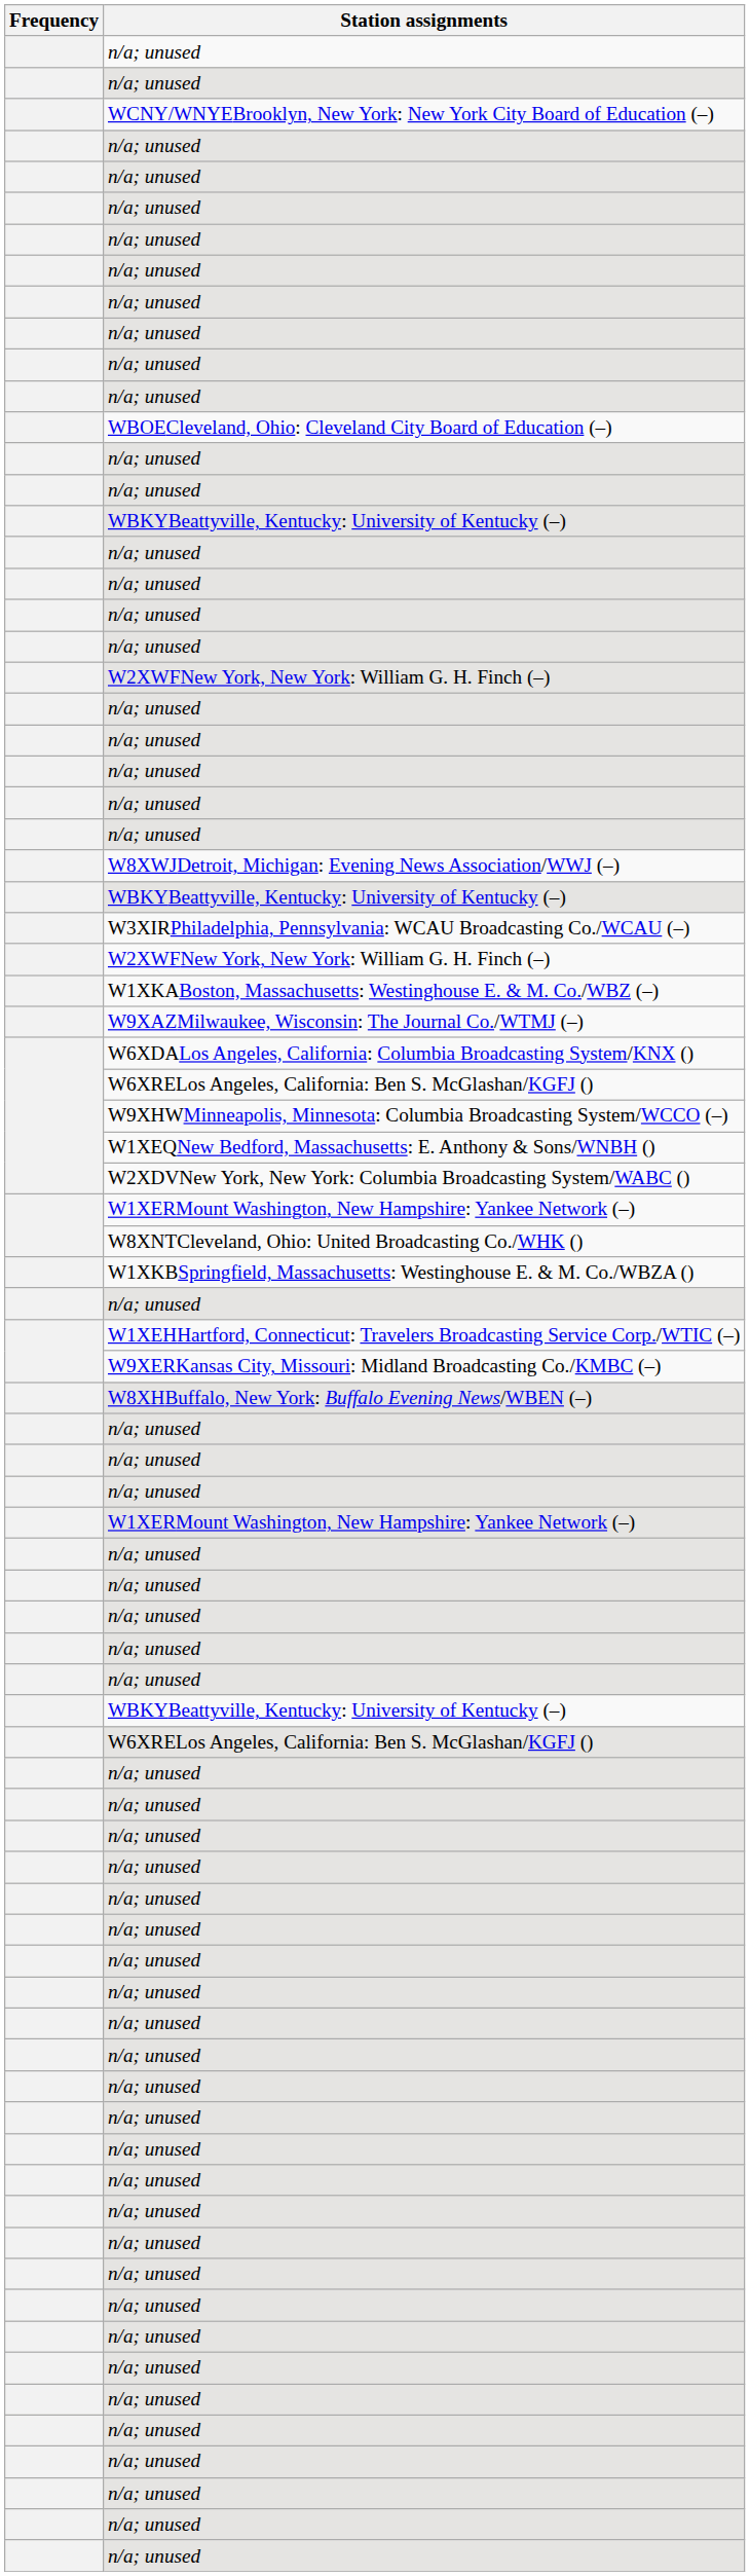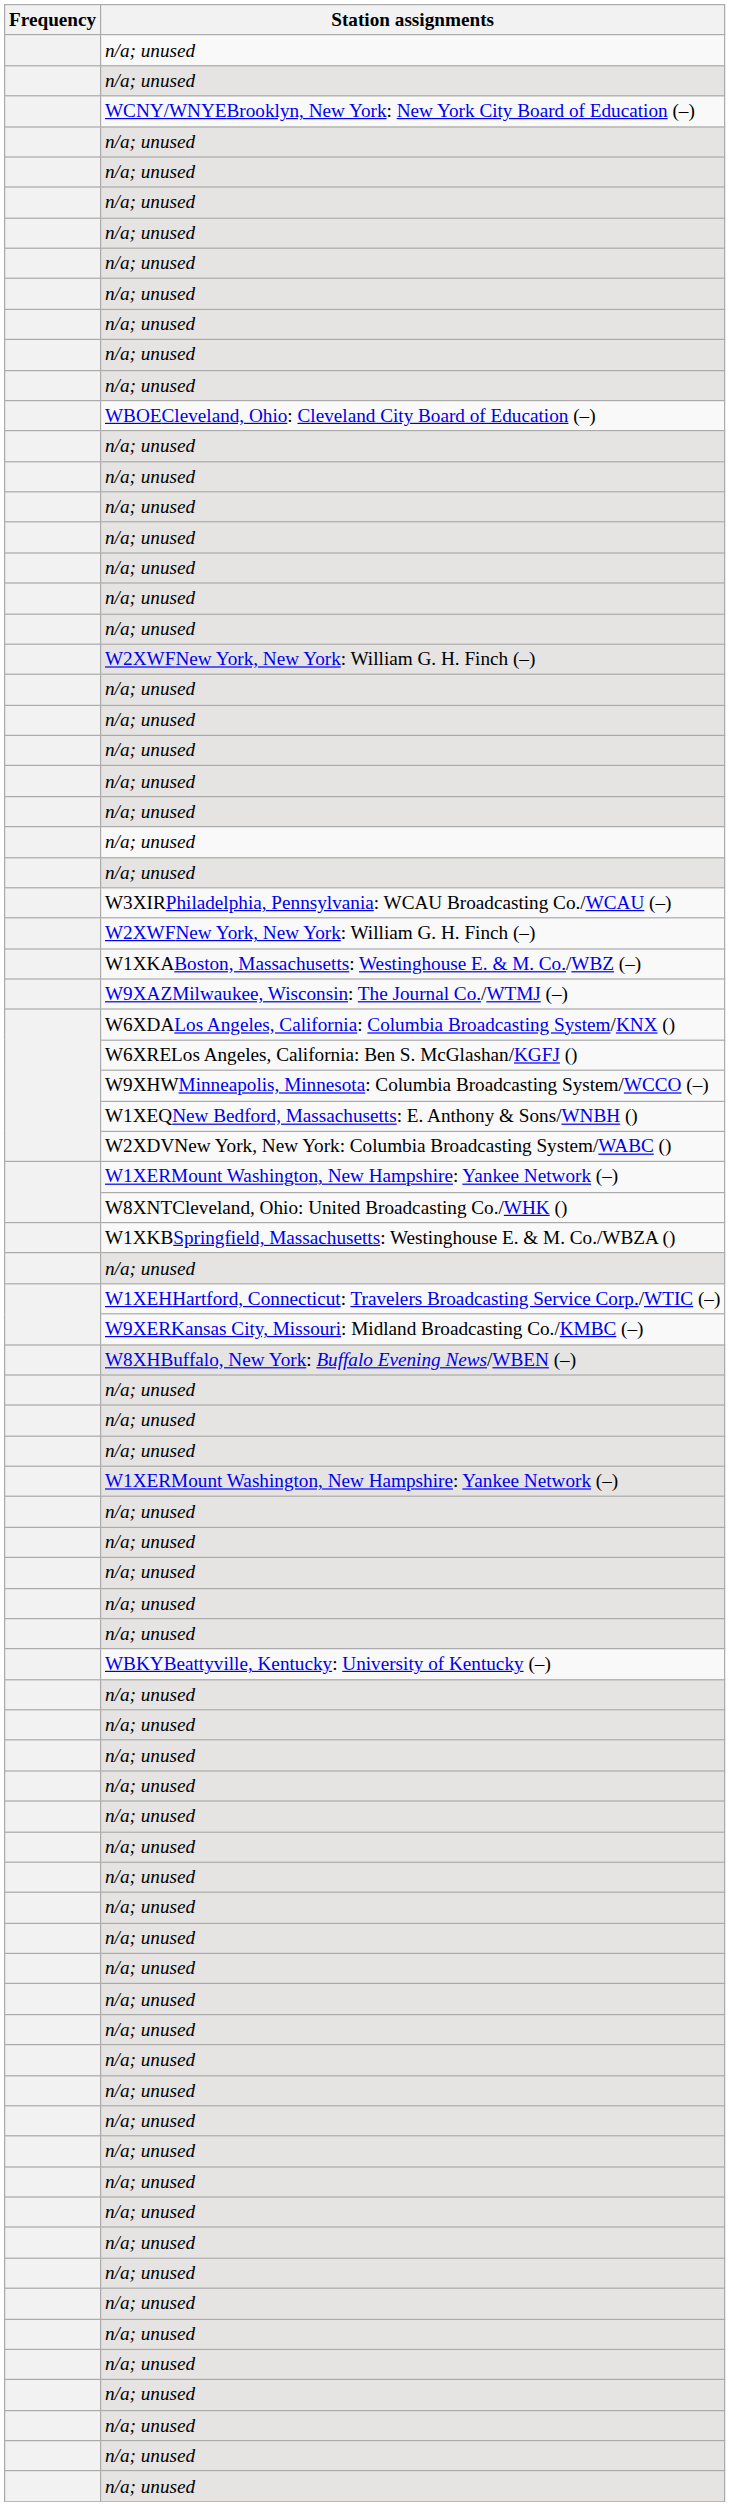 <table class="wikitable mw-collapsible sortable">
 <tr>
 <th>Frequency</th>
 <th>Station assignments</th>
 </tr>
 <tr>
 <th></th>
 <td><em>n/a; unused</em></td>
 </tr>
 <tr style="background:#E5E4E2">
 <th></th>
 <td><em>n/a; unused</em></td>
 </tr>
 <tr>
 <th></th>
 <td><a href='#'>WCNY/WNYE</a><a href='#'>Brooklyn, New York</a>: <a href='#'>New York City Board of Education</a> (–)</td>
 </tr>
 <tr style="background:#E5E4E2">
 <th></th>
 <td><em>n/a; unused</em></td>
 </tr>
 <tr style="background:#E5E4E2">
 <th></th>
 <td><em>n/a; unused</em></td>
 </tr>
 <tr style="background:#E5E4E2">
 <th></th>
 <td><em>n/a; unused</em></td>
 </tr>
 <tr style="background:#E5E4E2">
 <th></th>
 <td><em>n/a; unused</em></td>
 </tr>
 <tr style="background:#E5E4E2">
 <th></th>
 <td><em>n/a; unused</em></td>
 </tr>
 <tr style="background:#E5E4E2">
 <th></th>
 <td><em>n/a; unused</em></td>
 </tr>
 <tr style="background:#E5E4E2">
 <th></th>
 <td><em>n/a; unused</em></td>
 </tr>
 <tr style="background:#E5E4E2">
 <th></th>
 <td><em>n/a; unused</em></td>
 </tr>
 <tr style="background:#E5E4E2">
 <th></th>
 <td><em>n/a; unused</em></td>
 </tr>
 <tr>
 <th></th>
 <td><a href='#'>WBOE</a><a href='#'>Cleveland, Ohio</a>: <a href='#'>Cleveland City Board of Education</a> (–)</td>
 </tr>
 <tr style="background:#E5E4E2">
 <th></th>
 <td><em>n/a; unused</em></td>
 </tr>
 <tr style="background:#E5E4E2">
 <th></th>
 <td><em>n/a; unused</em></td>
 </tr>
 <tr style="background:#E5E4E2">
 <th></th>
-<td><a href='#'>WBKY</a><a href='#'>Beattyville, Kentucky</a>: <a href='#'>University of Kentucky</a> (–)</td>
+<td><em>n/a; unused</em></td>
 </tr>
 <tr style="background:#E5E4E2">
 <th></th>
 <td><em>n/a; unused</em></td>
 </tr>
 <tr style="background:#E5E4E2">
 <th></th>
 <td><em>n/a; unused</em></td>
 </tr>
 <tr style="background:#E5E4E2">
 <th></th>
 <td><em>n/a; unused</em></td>
 </tr>
 <tr style="background:#E5E4E2">
 <th></th>
 <td><em>n/a; unused</em></td>
 </tr>
 <tr style="background:#E5E4E2">
 <th></th>
 <td><a href='#'>W2XWF</a><a href='#'>New York, New York</a>: William G. H. Finch (–)</td>
 </tr>
 <tr style="background:#E5E4E2">
 <th></th>
 <td><em>n/a; unused</em></td>
 </tr>
 <tr style="background:#E5E4E2">
 <th></th>
 <td><em>n/a; unused</em></td>
 </tr>
 <tr style="background:#E5E4E2">
 <th></th>
 <td><em>n/a; unused</em></td>
 </tr>
 <tr style="background:#E5E4E2">
 <th></th>
 <td><em>n/a; unused</em></td>
 </tr>
 <tr style="background:#E5E4E2">
 <th></th>
 <td><em>n/a; unused</em></td>
 </tr>
 <tr>
 <th></th>
-<td><a href='#'>W8XWJ</a><a href='#'>Detroit, Michigan</a>: <a href='#'>Evening News Association</a>/<a href='#'>WWJ</a> (–)</td>
+<td><em>n/a; unused</em></td>
 </tr>
 <tr style="background:#E5E4E2">
 <th></th>
-<td><a href='#'>WBKY</a><a href='#'>Beattyville, Kentucky</a>: <a href='#'>University of Kentucky</a> (–)</td>
+<td><em>n/a; unused</em></td>
 </tr>
 <tr>
 <th></th>
 <td>W3XIR<a href='#'>Philadelphia, Pennsylvania</a>: WCAU Broadcasting Co./<a href='#'>WCAU</a> (–)</td>
 </tr>
 <tr>
 <th></th>
 <td><a href='#'>W2XWF</a><a href='#'>New York, New York</a>: William G. H. Finch (–)</td>
 </tr>
 <tr>
 <th></th>
 <td>W1XKA<a href='#'>Boston, Massachusetts</a>: <a href='#'>Westinghouse E. & M. Co.</a>/<a href='#'>WBZ</a> (–)</td>
 </tr>
 <tr>
 <th></th>
 <td><a href='#'>W9XAZ</a><a href='#'>Milwaukee, Wisconsin</a>: <a href='#'>The Journal Co.</a>/<a href='#'>WTMJ</a> (–)</td>
 </tr>
 <tr>
 <th rowspan="5"></th>
 <td>W6XDA<a href='#'>Los Angeles, California</a>: <a href='#'>Columbia Broadcasting System</a>/<a href='#'>KNX</a> ()</td>
 </tr>
 <tr>
 <td>W6XRELos Angeles, California: Ben S. McGlashan/<a href='#'>KGFJ</a> ()</td>
 </tr>
 <tr>
 <td>W9XHW<a href='#'>Minneapolis, Minnesota</a>: Columbia Broadcasting System/<a href='#'>WCCO</a> (–)</td>
 </tr>
 <tr>
 <td>W1XEQ<a href='#'>New Bedford, Massachusetts</a>: E. Anthony & Sons/<a href='#'>WNBH</a> ()</td>
 </tr>
 <tr>
 <td>W2XDVNew York, New York: Columbia Broadcasting System/<a href='#'>WABC</a> ()</td>
 </tr>
 <tr>
 <th rowspan="2"></th>
 <td><a href='#'>W1XER</a><a href='#'>Mount Washington, New Hampshire</a>: <a href='#'>Yankee Network</a> (–)</td>
 </tr>
 <tr>
 <td>W8XNTCleveland, Ohio: United Broadcasting Co./<a href='#'>WHK</a> ()</td>
 </tr>
 <tr>
 <th></th>
 <td>W1XKB<a href='#'>Springfield, Massachusetts</a>: Westinghouse E. & M. Co./WBZA ()</td>
 </tr>
 <tr style="background:#E5E4E2">
 <th></th>
 <td><em>n/a; unused</em></td>
 </tr>
 <tr>
 <th rowspan="2"></th>
 <td><a href='#'>W1XEH</a><a href='#'>Hartford, Connecticut</a>: <a href='#'>Travelers Broadcasting Service Corp.</a>/<a href='#'>WTIC</a> (–)</td>
 </tr>
 <tr>
 <td><a href='#'>W9XER</a><a href='#'>Kansas City, Missouri</a>: Midland Broadcasting Co./<a href='#'>KMBC</a> (–)</td>
 </tr>
 <tr style="background:#E5E4E2">
 <th></th>
 <td><a href='#'>W8XH</a><a href='#'>Buffalo, New York</a>: <em><a href='#'>Buffalo Evening News</a></em>/<a href='#'>WBEN</a> (–)</td>
 </tr>
 <tr style="background:#E5E4E2">
 <th></th>
 <td><em>n/a; unused</em></td>
 </tr>
 <tr style="background:#E5E4E2">
 <th></th>
 <td><em>n/a; unused</em></td>
 </tr>
 <tr style="background:#E5E4E2">
 <th></th>
 <td><em>n/a; unused</em></td>
 </tr>
 <tr style="background:#E5E4E2">
 <th></th>
 <td><a href='#'>W1XER</a><a href='#'>Mount Washington, New Hampshire</a>: <a href='#'>Yankee Network</a> (–)</td>
 </tr>
 <tr style="background:#E5E4E2">
 <th></th>
 <td><em>n/a; unused</em></td>
 </tr>
 <tr style="background:#E5E4E2">
 <th></th>
 <td><em>n/a; unused</em></td>
 </tr>
 <tr style="background:#E5E4E2">
 <th></th>
 <td><em>n/a; unused</em></td>
 </tr>
 <tr style="background:#E5E4E2">
 <th></th>
 <td><em>n/a; unused</em></td>
 </tr>
 <tr style="background:#E5E4E2">
 <th></th>
 <td><em>n/a; unused</em></td>
 </tr>
 <tr>
 <th></th>
 <td><a href='#'>WBKY</a><a href='#'>Beattyville, Kentucky</a>: <a href='#'>University of Kentucky</a> (–)</td>
 </tr>
 <tr style="background:#E5E4E2">
 <th></th>
-<td>W6XRELos Angeles, California: Ben S. McGlashan/<a href='#'>KGFJ</a> ()</td>
+<td><em>n/a; unused</em></td>
 </tr>
 <tr style="background:#E5E4E2">
 <th></th>
 <td><em>n/a; unused</em></td>
 </tr>
 <tr style="background:#E5E4E2">
 <th></th>
 <td><em>n/a; unused</em></td>
 </tr>
 <tr style="background:#E5E4E2">
 <th></th>
 <td><em>n/a; unused</em></td>
 </tr>
 <tr style="background:#E5E4E2">
 <th></th>
 <td><em>n/a; unused</em></td>
 </tr>
 <tr style="background:#E5E4E2">
 <th></th>
 <td><em>n/a; unused</em></td>
 </tr>
 <tr style="background:#E5E4E2">
 <th></th>
 <td><em>n/a; unused</em></td>
 </tr>
 <tr style="background:#E5E4E2">
 <th></th>
 <td><em>n/a; unused</em></td>
 </tr>
 <tr style="background:#E5E4E2">
 <th></th>
 <td><em>n/a; unused</em></td>
 </tr>
 <tr style="background:#E5E4E2">
 <th></th>
 <td><em>n/a; unused</em></td>
 </tr>
 <tr style="background:#E5E4E2">
 <th></th>
 <td><em>n/a; unused</em></td>
 </tr>
 <tr style="background:#E5E4E2">
 <th></th>
 <td><em>n/a; unused</em></td>
 </tr>
 <tr style="background:#E5E4E2">
 <th></th>
 <td><em>n/a; unused</em></td>
 </tr>
 <tr style="background:#E5E4E2">
 <th></th>
 <td><em>n/a; unused</em></td>
 </tr>
 <tr style="background:#E5E4E2">
 <th></th>
 <td><em>n/a; unused</em></td>
 </tr>
 <tr style="background:#E5E4E2">
 <th></th>
 <td><em>n/a; unused</em></td>
 </tr>
 <tr style="background:#E5E4E2">
 <th></th>
 <td><em>n/a; unused</em></td>
 </tr>
 <tr style="background:#E5E4E2">
 <th></th>
 <td><em>n/a; unused</em></td>
 </tr>
 <tr style="background:#E5E4E2">
 <th></th>
 <td><em>n/a; unused</em></td>
 </tr>
 <tr style="background:#E5E4E2">
 <th></th>
 <td><em>n/a; unused</em></td>
 </tr>
 <tr style="background:#E5E4E2">
 <th></th>
 <td><em>n/a; unused</em></td>
 </tr>
 <tr style="background:#E5E4E2">
 <th></th>
 <td><em>n/a; unused</em></td>
 </tr>
 <tr style="background:#E5E4E2">
 <th></th>
 <td><em>n/a; unused</em></td>
 </tr>
 <tr style="background:#E5E4E2">
 <th></th>
 <td><em>n/a; unused</em></td>
 </tr>
 <tr style="background:#E5E4E2">
 <th></th>
 <td><em>n/a; unused</em></td>
 </tr>
 <tr style="background:#E5E4E2">
 <th></th>
 <td><em>n/a; unused</em></td>
 </tr>
 <tr style="background:#E5E4E2">
 <th></th>
 <td><em>n/a; unused</em></td>
 </tr>
 </table>
